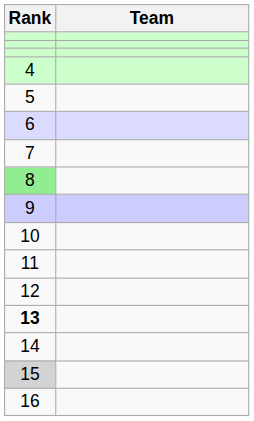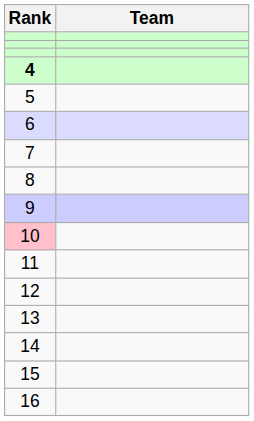 <table class="wikitable">
 <tr>
 <th>Rank</th>
 <th style="width: 170px;">Team</th>
 </tr>
 <tr style="background: #CCFFCC;">
 <td style="text-align: center;"></td>
 <td></td>
 </tr>
 <tr style="background: #CCFFCC;">
 <td style="text-align: center;"></td>
 <td></td>
 </tr>
 <tr style="background: #CCFFCC;">
 <td style="text-align: center;"></td>
 <td></td>
 </tr>
 <tr style="background: #CCFFCC;">
-<td style="text-align: center;">4</td>
+<td style="text-align: center;"><strong>4</strong></td>
 <td></td>
 </tr>
 <tr>
 <td style="text-align: center;">5</td>
 <td></td>
 </tr>
 <tr style="background: #DBDBFF;">
 <td style="text-align: center;">6</td>
 <td></td>
 </tr>
 <tr>
 <td style="text-align: center;">7</td>
 <td></td>
 </tr>
 <tr>
-<td style="background: lightgreen; text-align: center;">8</td>
+<td style="text-align: center;">8</td>
 <td></td>
 </tr>
 <tr style="background: #CCCCFF;">
 <td style="text-align: center;">9</td>
 <td></td>
 </tr>
 <tr>
-<td style="text-align: center;">10</td>
+<td style="background: pink; text-align: center;">10</td>
 <td></td>
 </tr>
 <tr>
 <td style="text-align: center;">11</td>
 <td></td>
 </tr>
 <tr>
 <td style="text-align: center;">12</td>
 <td></td>
 </tr>
 <tr>
-<td style="text-align: center;"><strong>13</strong></td>
+<td style="text-align: center;">13</td>
 <td></td>
 </tr>
 <tr>
 <td style="text-align: center;">14</td>
 <td></td>
 </tr>
 <tr>
-<td style="background: lightgrey; text-align: center;">15</td>
+<td style="text-align: center;">15</td>
 <td></td>
 </tr>
 <tr>
 <td style="text-align: center;">16</td>
 <td></td>
 </tr>
 </table>
